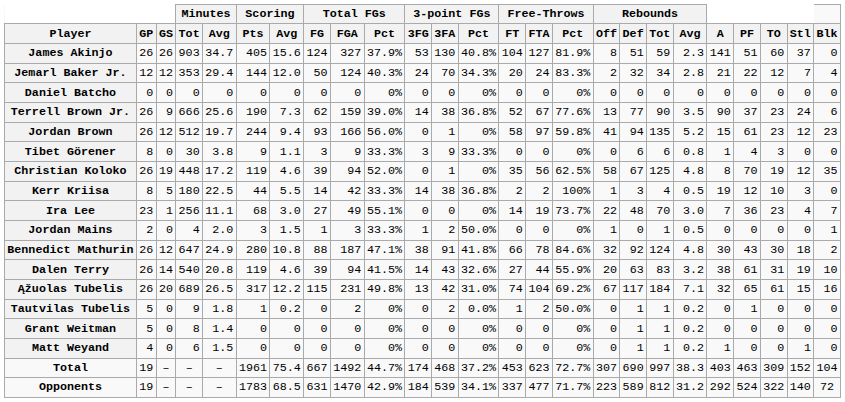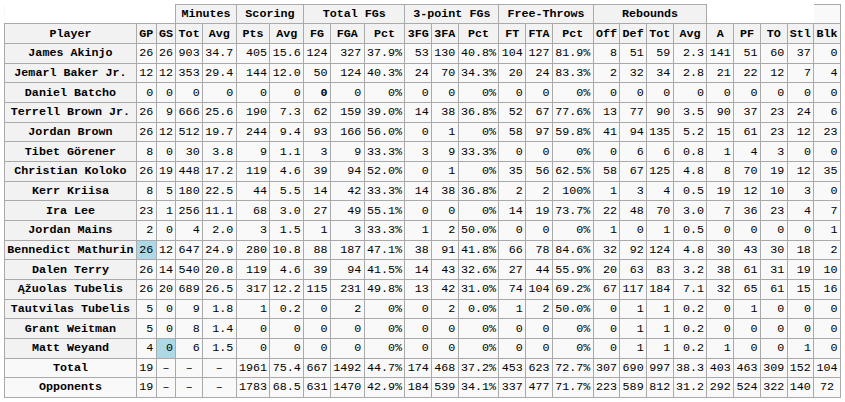 <table class="wikitable sortable" border="1" style="font-size:90%;">
 <tr>
 <th colspan="3" style="border-top-style:hidden; border-left-style:hidden; background: white;"></th>
 <th colspan="2" style=>Minutes</th>
 <th colspan="2" style=>Scoring</th>
 <th colspan="3" style=>Total FGs</th>
 <th colspan="3" style=>3-point FGs</th>
 <th colspan="3" style=>Free-Throws</th>
 <th colspan="4" style=>Rebounds</th>
 <th colspan="4" style="border-top-style:hidden; border-right-style:hidden; background: white;"></th>
 </tr>
 <tr>
 <th scope="col" style=>Player</th>
 <th scope="col" style=>GP</th>
 <th scope="col" style=>GS</th>
 <th scope="col" style=>Tot</th>
 <th scope="col" style=>Avg</th>
 <th scope="col" style=>Pts</th>
 <th scope="col" style=>Avg</th>
 <th scope="col" style=>FG</th>
 <th scope="col" style=>FGA</th>
 <th scope="col" style=>Pct</th>
 <th scope="col" style=>3FG</th>
 <th scope="col" style=>3FA</th>
 <th scope="col" style=>Pct</th>
 <th scope="col" style=>FT</th>
 <th scope="col" style=>FTA</th>
 <th scope="col" style=>Pct</th>
 <th scope="col" style=>Off</th>
 <th scope="col" style=>Def</th>
 <th scope="col" style=>Tot</th>
 <th scope="col" style=>Avg</th>
 <th scope="col" style=>A</th>
 <th scope="col">PF</th>
 <th scope="col">TO</th>
 <th scope="col" style=>Stl</th>
 <th scope="col" style=>Blk</th>
 </tr>
 <tr>
 <th style=white-space:nowrap>James Akinjo</th>
 <td align="right">26</td>
 <td align="right">26</td>
 <td align="right">903</td>
 <td align="right">34.7</td>
 <td align="right">405</td>
 <td align="right">15.6</td>
 <td align="right">124</td>
 <td align="right">327</td>
 <td align="right">37.9%</td>
 <td align="right">53</td>
 <td align="right">130</td>
 <td align="right">40.8%</td>
 <td align="right">104</td>
 <td align="right">127</td>
 <td align="right">81.9%</td>
 <td align="right">8</td>
 <td align="right">51</td>
 <td align="right">59</td>
 <td align="right">2.3</td>
 <td align="right">141</td>
 <td align="right">51</td>
 <td align="right">60</td>
 <td align="right">37</td>
 <td align="right">0</td>
 </tr>
 <tr>
 <th style=white-space:nowrap>Jemarl Baker Jr.</th>
 <td align="right">12</td>
 <td align="right">12</td>
 <td align="right">353</td>
 <td align="right">29.4</td>
 <td align="right">144</td>
 <td align="right">12.0</td>
 <td align="right">50</td>
 <td align="right">124</td>
 <td align="right">40.3%</td>
 <td align="right">24</td>
 <td align="right">70</td>
 <td align="right">34.3%</td>
 <td align="right">20</td>
 <td align="right">24</td>
 <td align="right">83.3%</td>
 <td align="right">2</td>
 <td align="right">32</td>
 <td align="right">34</td>
 <td align="right">2.8</td>
 <td align="right">21</td>
 <td align="right">22</td>
 <td align="right">12</td>
 <td align="right">7</td>
 <td align="right">4</td>
 </tr>
 <tr>
 <th style=white-space:nowrap>Daniel Batcho</th>
 <td align="right">0</td>
 <td align="right">0</td>
 <td align="right">0</td>
 <td align="right">0</td>
 <td align="right">0</td>
 <td align="right">0</td>
-<td align="right">0</td>
+<td align="right"><strong>0</strong></td>
 <td align="right">0</td>
 <td align="right">0%</td>
 <td align="right">0</td>
 <td align="right">0</td>
 <td align="right">0%</td>
 <td align="right">0</td>
 <td align="right">0</td>
 <td align="right">0%</td>
 <td align="right">0</td>
 <td align="right">0</td>
 <td align="right">0</td>
 <td align="right">0</td>
 <td align="right">0</td>
 <td align="right">0</td>
 <td align="right">0</td>
 <td align="right">0</td>
 <td align="right">0</td>
 </tr>
 <tr>
 <th style=white-space:nowrap>Terrell Brown Jr.</th>
 <td align="right">26</td>
 <td align="right">9</td>
 <td align="right">666</td>
 <td align="right">25.6</td>
 <td align="right">190</td>
 <td align="right">7.3</td>
 <td align="right">62</td>
 <td align="right">159</td>
 <td align="right">39.0%</td>
 <td align="right">14</td>
 <td align="right">38</td>
 <td align="right">36.8%</td>
 <td align="right">52</td>
 <td align="right">67</td>
 <td align="right">77.6%</td>
 <td align="right">13</td>
 <td align="right">77</td>
 <td align="right">90</td>
 <td align="right">3.5</td>
 <td align="right">90</td>
 <td align="right">37</td>
 <td align="right">23</td>
 <td align="right">24</td>
 <td align="right">6</td>
 </tr>
 <tr>
 <th style=white-space:nowrap>Jordan Brown</th>
 <td align="right">26</td>
 <td align="right">12</td>
 <td align="right">512</td>
 <td align="right">19.7</td>
 <td align="right">244</td>
 <td align="right">9.4</td>
 <td align="right">93</td>
 <td align="right">166</td>
 <td align="right">56.0%</td>
 <td align="right">0</td>
 <td align="right">1</td>
 <td align="right">0%</td>
 <td align="right">58</td>
 <td align="right">97</td>
 <td align="right">59.8%</td>
 <td align="right">41</td>
 <td align="right">94</td>
 <td align="right">135</td>
 <td align="right">5.2</td>
 <td align="right">15</td>
 <td align="right">61</td>
 <td align="right">23</td>
 <td align="right">12</td>
 <td align="right">23</td>
 </tr>
 <tr>
 <th style=white-space:nowrap>Tibet Görener</th>
 <td align="right">8</td>
 <td align="right">0</td>
 <td align="right">30</td>
 <td align="right">3.8</td>
 <td align="right">9</td>
 <td align="right">1.1</td>
 <td align="right">3</td>
 <td align="right">9</td>
 <td align="right">33.3%</td>
 <td align="right">3</td>
 <td align="right">9</td>
 <td align="right">33.3%</td>
 <td align="right">0</td>
 <td align="right">0</td>
 <td align="right">0%</td>
 <td align="right">0</td>
 <td align="right">6</td>
 <td align="right">6</td>
 <td align="right">0.8</td>
 <td align="right">1</td>
 <td align="right">4</td>
 <td align="right">3</td>
 <td align="right">0</td>
 <td align="right">0</td>
 </tr>
 <tr>
 <th style=white-space:nowrap>Christian Koloko</th>
 <td align="right">26</td>
 <td align="right">19</td>
 <td align="right">448</td>
 <td align="right">17.2</td>
 <td align="right">119</td>
 <td align="right">4.6</td>
 <td align="right">39</td>
 <td align="right">94</td>
 <td align="right">52.0%</td>
 <td align="right">0</td>
 <td align="right">1</td>
 <td align="right">0%</td>
 <td align="right">35</td>
 <td align="right">56</td>
 <td align="right">62.5%</td>
 <td align="right">58</td>
 <td align="right">67</td>
 <td align="right">125</td>
 <td align="right">4.8</td>
 <td align="right">8</td>
 <td align="right">70</td>
 <td align="right">19</td>
 <td align="right">12</td>
 <td align="right">35</td>
 </tr>
 <tr>
 <th style=white-space:nowrap>Kerr Kriisa</th>
 <td align="right">8</td>
 <td align="right">5</td>
 <td align="right">180</td>
 <td align="right">22.5</td>
 <td align="right">44</td>
 <td align="right">5.5</td>
 <td align="right">14</td>
 <td align="right">42</td>
 <td align="right">33.3%</td>
 <td align="right">14</td>
 <td align="right">38</td>
 <td align="right">36.8%</td>
 <td align="right">2</td>
 <td align="right">2</td>
 <td align="right">100%</td>
 <td align="right">1</td>
 <td align="right">3</td>
 <td align="right">4</td>
 <td align="right">0.5</td>
 <td align="right">19</td>
 <td align="right">12</td>
 <td align="right">10</td>
 <td align="right">3</td>
 <td align="right">0</td>
 </tr>
 <tr>
 <th style=white-space:nowrap>Ira Lee</th>
 <td align="right">23</td>
 <td align="right">1</td>
 <td align="right">256</td>
 <td align="right">11.1</td>
 <td align="right">68</td>
 <td align="right">3.0</td>
 <td align="right">27</td>
 <td align="right">49</td>
 <td align="right">55.1%</td>
 <td align="right">0</td>
 <td align="right">0</td>
 <td align="right">0%</td>
 <td align="right">14</td>
 <td align="right">19</td>
 <td align="right">73.7%</td>
 <td align="right">22</td>
 <td align="right">48</td>
 <td align="right">70</td>
 <td align="right">3.0</td>
 <td align="right">7</td>
 <td align="right">36</td>
 <td align="right">23</td>
 <td align="right">4</td>
 <td align="right">7</td>
 </tr>
 <tr>
 <th style=white-space:nowrap>Jordan Mains</th>
 <td align="right">2</td>
 <td align="right">0</td>
 <td align="right">4</td>
 <td align="right">2.0</td>
 <td align="right">3</td>
 <td align="right">1.5</td>
 <td align="right">1</td>
 <td align="right">3</td>
 <td align="right">33.3%</td>
 <td align="right">1</td>
 <td align="right">2</td>
 <td align="right">50.0%</td>
 <td align="right">0</td>
 <td align="right">0</td>
 <td align="right">0%</td>
 <td align="right">1</td>
 <td align="right">0</td>
 <td align="right">1</td>
 <td align="right">0.5</td>
 <td align="right">0</td>
 <td align="right">0</td>
 <td align="right">0</td>
 <td align="right">0</td>
 <td align="right">1</td>
 </tr>
 <tr>
 <th style=white-space:nowrap>Bennedict Mathurin</th>
-<td align="right">26</td>
+<td align="right" style="background: lightblue;">26</td>
 <td align="right">12</td>
 <td align="right">647</td>
 <td align="right">24.9</td>
 <td align="right">280</td>
 <td align="right">10.8</td>
 <td align="right">88</td>
 <td align="right">187</td>
 <td align="right">47.1%</td>
 <td align="right">38</td>
 <td align="right">91</td>
 <td align="right">41.8%</td>
 <td align="right">66</td>
 <td align="right">78</td>
 <td align="right">84.6%</td>
 <td align="right">32</td>
 <td align="right">92</td>
 <td align="right">124</td>
 <td align="right">4.8</td>
 <td align="right">30</td>
 <td align="right">43</td>
 <td align="right">30</td>
 <td align="right">18</td>
 <td align="right">2</td>
 </tr>
 <tr>
 <th style=white-space:nowrap>Dalen Terry</th>
 <td align="right">26</td>
 <td align="right">14</td>
 <td align="right">540</td>
 <td align="right">20.8</td>
 <td align="right">119</td>
 <td align="right">4.6</td>
 <td align="right">39</td>
 <td align="right">94</td>
 <td align="right">41.5%</td>
 <td align="right">14</td>
 <td align="right">43</td>
 <td align="right">32.6%</td>
 <td align="right">27</td>
 <td align="right">44</td>
 <td align="right">55.9%</td>
 <td align="right">20</td>
 <td align="right">63</td>
 <td align="right">83</td>
 <td align="right">3.2</td>
 <td align="right">38</td>
 <td align="right">61</td>
 <td align="right">31</td>
 <td align="right">19</td>
 <td align="right">10</td>
 </tr>
 <tr>
 <th style=white-space:nowrap>Ąžuolas Tubelis</th>
 <td align="right">26</td>
 <td align="right">20</td>
 <td align="right">689</td>
 <td align="right">26.5</td>
 <td align="right">317</td>
 <td align="right">12.2</td>
 <td align="right">115</td>
 <td align="right">231</td>
 <td align="right">49.8%</td>
 <td align="right">13</td>
 <td align="right">42</td>
 <td align="right">31.0%</td>
 <td align="right">74</td>
 <td align="right">104</td>
 <td align="right">69.2%</td>
 <td align="right">67</td>
 <td align="right">117</td>
 <td align="right">184</td>
 <td align="right">7.1</td>
 <td align="right">32</td>
 <td align="right">65</td>
 <td align="right">61</td>
 <td align="right">15</td>
 <td align="right">16</td>
 </tr>
 <tr>
 <th style=white-space:nowrap>Tautvilas Tubelis</th>
 <td align="right">5</td>
 <td align="right">0</td>
 <td align="right">9</td>
 <td align="right">1.8</td>
 <td align="right">1</td>
 <td align="right">0.2</td>
 <td align="right">0</td>
 <td align="right">2</td>
 <td align="right">0%</td>
 <td align="right">0</td>
 <td align="right">2</td>
 <td align="right">0.0%</td>
 <td align="right">1</td>
 <td align="right">2</td>
 <td align="right">50.0%</td>
 <td align="right">0</td>
 <td align="right">1</td>
 <td align="right">1</td>
 <td align="right">0.2</td>
 <td align="right">0</td>
 <td align="right">1</td>
 <td align="right">0</td>
 <td align="right">0</td>
 <td align="right">0</td>
 </tr>
 <tr>
 <th style=white-space:nowrap>Grant Weitman</th>
 <td align="right">5</td>
 <td align="right">0</td>
 <td align="right">8</td>
 <td align="right">1.4</td>
 <td align="right">0</td>
 <td align="right">0</td>
 <td align="right">0</td>
 <td align="right">0</td>
 <td align="right">0%</td>
 <td align="right">0</td>
 <td align="right">0</td>
 <td align="right">0%</td>
 <td align="right">0</td>
 <td align="right">0</td>
 <td align="right">0%</td>
 <td align="right">0</td>
 <td align="right">1</td>
 <td align="right">1</td>
 <td align="right">0.2</td>
 <td align="right">0</td>
 <td align="right">0</td>
 <td align="right">0</td>
 <td align="right">0</td>
 <td align="right">0</td>
 </tr>
 <tr>
 <th style=white-space:nowrap>Matt Weyand</th>
 <td align="right">4</td>
-<td align="right">0</td>
+<td align="right" style="background: lightblue;">0</td>
 <td align="right">6</td>
 <td align="right">1.5</td>
 <td align="right">0</td>
 <td align="right">0</td>
 <td align="right">0</td>
 <td align="right">0</td>
 <td align="right">0%</td>
 <td align="right">0</td>
 <td align="right">0</td>
 <td align="right">0%</td>
 <td align="right">0</td>
 <td align="right">0</td>
 <td align="right">0%</td>
 <td align="right">0</td>
 <td align="right">1</td>
 <td align="right">1</td>
 <td align="right">0.2</td>
 <td align="right">1</td>
 <td align="right">0</td>
 <td align="right">0</td>
 <td align="right">1</td>
 <td align="right">0</td>
 </tr>
 <tr>
 </tr>
 <tr class="sortbottom">
 <td align="center" style=><strong>Total</strong></td>
 <td align="center" style=>19</td>
 <td align="center" style=>–</td>
 <td align="center" style=>–</td>
 <td align="center" style=>–</td>
 <td align="center" style=>1961</td>
 <td align="center" style=>75.4</td>
 <td align="center" style=>667</td>
 <td align="center" style=>1492</td>
 <td align="center" style=>44.7%</td>
 <td align="center" style=>174</td>
 <td align="center" style=>468</td>
 <td align="center" style=>37.2%</td>
 <td align="center" style=>453</td>
 <td align="center" style=>623</td>
 <td align="center" style=>72.7%</td>
 <td align="center" style=>307</td>
 <td align="center" style=>690</td>
 <td align="center" style=>997</td>
 <td align="center" style=>38.3</td>
 <td align="center" style=>403</td>
 <td align="center" style=>463</td>
 <td align="center">309</td>
 <td align="center">152</td>
 <td align="center">104</td>
 </tr>
 <tr class="sortbottom">
 <td align="center"><strong>Opponents</strong></td>
 <td align="center">19</td>
 <td align="center">–</td>
 <td align="center">–</td>
 <td align="center">–</td>
 <td align="center">1783</td>
 <td align="center">68.5</td>
 <td align="center">631</td>
 <td align="center">1470</td>
 <td align="center">42.9%</td>
 <td align="center">184</td>
 <td align="center">539</td>
 <td align="center">34.1%</td>
 <td align="center">337</td>
 <td align="center">477</td>
 <td align="center">71.7%</td>
 <td align="center">223</td>
 <td align="center">589</td>
 <td align="center">812</td>
 <td align="center">31.2</td>
 <td align="center">292</td>
 <td align="center">524</td>
 <td align="center">322</td>
 <td align="center">140</td>
 <td align="center">72</td>
 </tr>
 </table>
